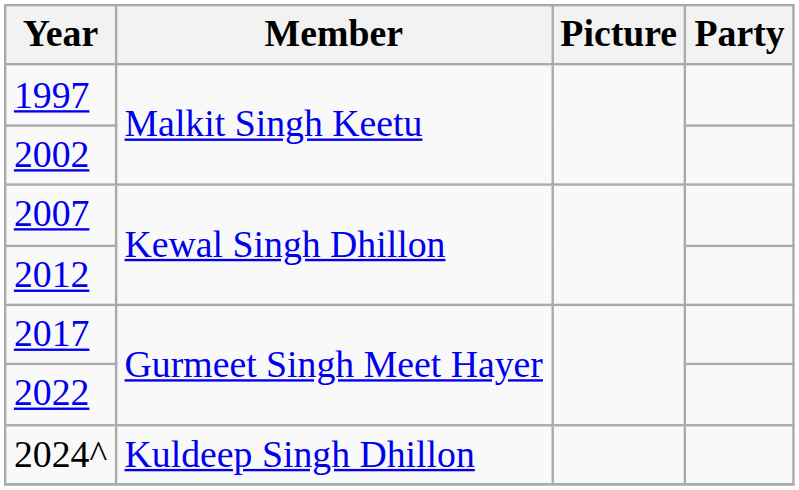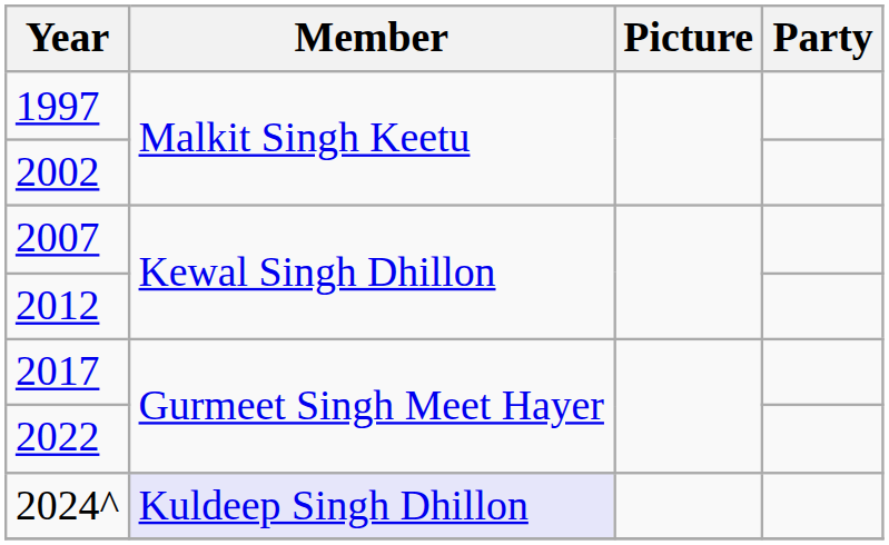 <table class="wikitable sortable">
 <tr>
 <th>Year</th>
 <th>Member</th>
 <th>Picture</th>
 <th colspan="2">Party</th>
 </tr>
 <tr>
 <td><a href='#'>1997</a></td>
 <td rowspan="2"><a href='#'>Malkit Singh Keetu</a></td>
 <td rowspan="2"></td>
 <td></td>
 </tr>
 <tr>
 <td><a href='#'>2002</a></td>
 <td></td>
 </tr>
 <tr>
 <td><a href='#'>2007</a></td>
 <td rowspan="2"><a href='#'>Kewal Singh Dhillon</a></td>
 <td rowspan="2"></td>
 <td></td>
 </tr>
 <tr>
 <td><a href='#'>2012</a></td>
 </tr>
 <tr>
 <td><a href='#'>2017</a></td>
 <td rowspan=2><a href='#'>Gurmeet Singh Meet Hayer</a></td>
 <td rowspan=2></td>
 <td></td>
 </tr>
 <tr>
 <td><a href='#'>2022</a></td>
 </tr>
 <tr>
 <td>2024^</td>
-<td><a href='#'>Kuldeep Singh Dhillon</a></td>
+<td style="background: lavender;"><a href='#'>Kuldeep Singh Dhillon</a></td>
 <td></td>
 <td></td>
 </tr>
 <tr>
 </tr>
 </table>
